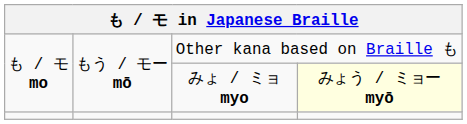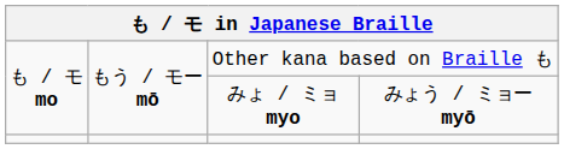 <table class="wikitable nowrap" style="text-align:center">
 <tr>
 <th colspan=4>も / モ in <a href='#'>Japanese Braille</a></th>
 </tr>
 <tr>
 <td rowspan=2>も / モ <br><strong>mo</strong></td>
 <td rowspan=2>もう / モー <br><strong>mō</strong></td>
 <td colspan=2>Other kana based on <a href='#'>Braille</a> も</td>
 </tr>
 <tr>
 <td>みょ / ミョ <br><strong>myo</strong></td>
-<td style="background: lightyellow;">みょう / ミョー <br><strong>myō</strong></td>
+<td>みょう / ミョー <br><strong>myō</strong></td>
 </tr>
 <tr>
 <td></td>
 <td></td>
 <td></td>
 <td></td>
 </tr>
 </table>
